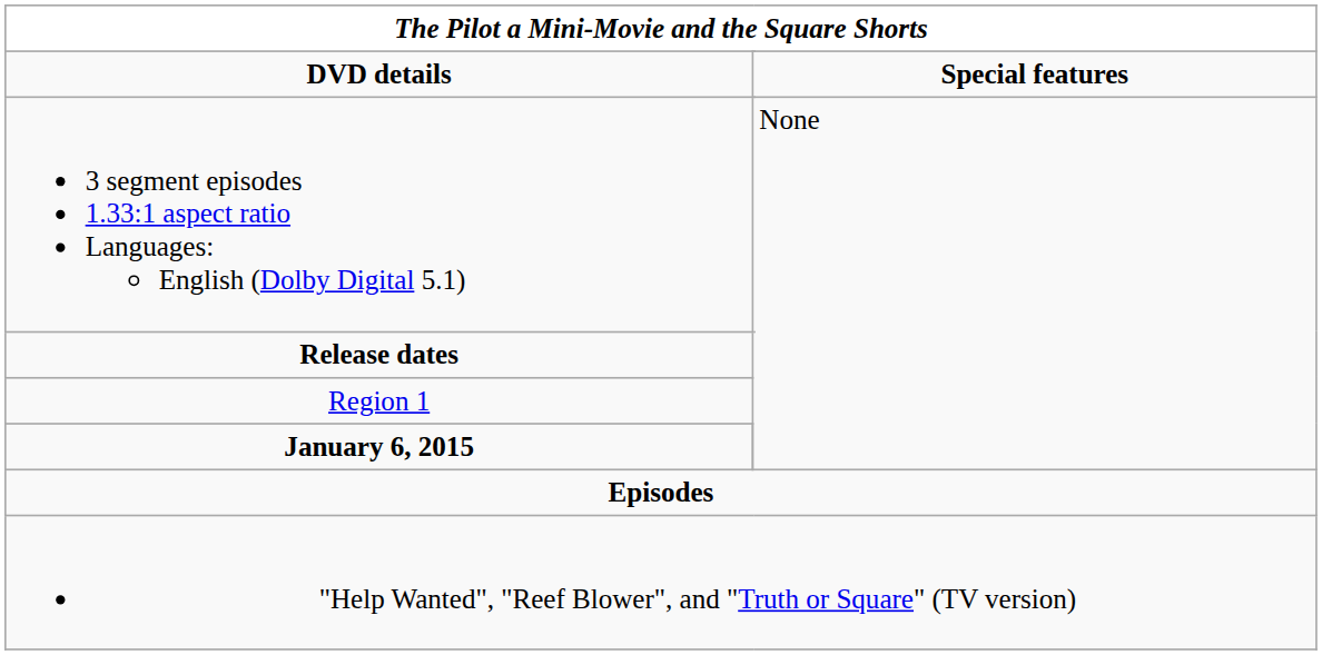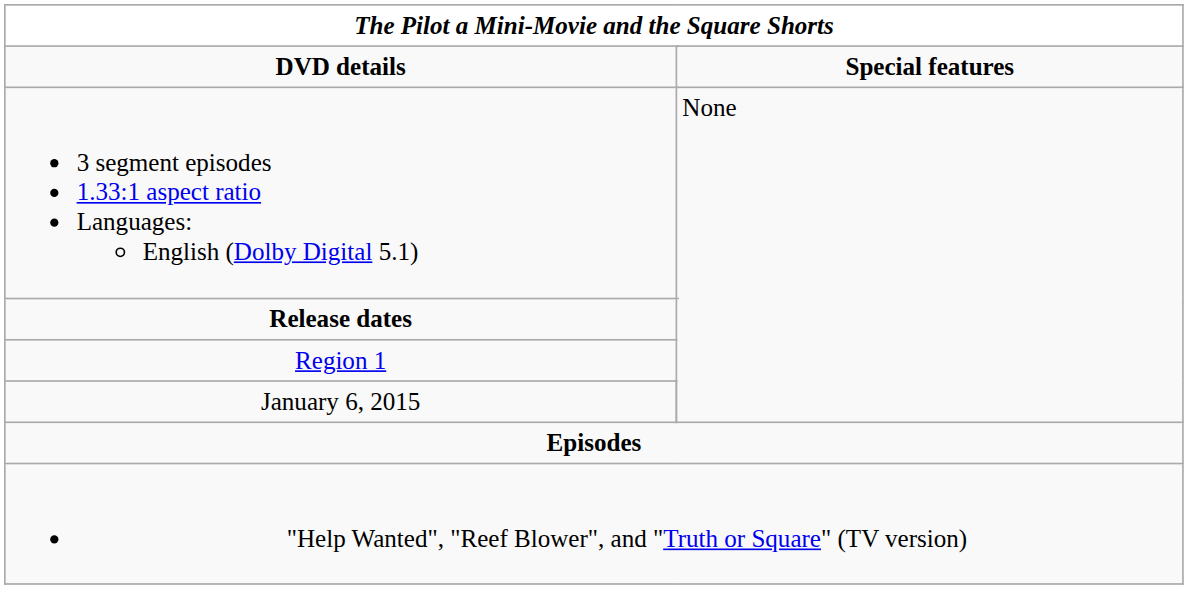 <table class="wikitable" style="font-size: 95%;">
 <tr style="background:#FFF; color:#000;">
 <td colspan="4" align="center"><strong><em>The Pilot a Mini-Movie and the Square Shorts</em></strong></td>
 </tr>
 <tr valign="top">
 <td style="text-align:center; width:400px;" colspan="3"><strong>DVD details</strong></td>
 <td style="width:300px; text-align:center;"><strong>Special features</strong></td>
 </tr>
 <tr valign="top">
 <td colspan="3" style="text-align:left; width:400px;"><br><ul><li>3 segment episodes</li><li><a href='#'>1.33:1 aspect ratio</a></li><li>Languages:<ul><li>English (<a href='#'>Dolby Digital</a> 5.1)</li></ul></li></ul></td>
 <td rowspan="4" style="text-align:left; width:300px;">None</td>
 </tr>
 <tr>
 <td colspan="3" style="text-align:center;"><strong>Release dates</strong></td>
 </tr>
 <tr>
 <td colspan="3" style="text-align:center;"><a href='#'>Region 1</a></td>
 </tr>
 <tr style="text-align:center;">
-<td><strong>January 6, 2015</strong></td>
+<td>January 6, 2015</td>
 </tr>
 <tr>
 <td style="text-align:center; width:400px;" colspan="4"><strong>Episodes</strong></td>
 </tr>
 <tr>
 <td style="text-align:center; width:400px;" colspan="4"><br><ul><li>"Help Wanted", "Reef Blower", and "<a href='#'>Truth or Square</a>" (TV version)</li></ul></td>
 </tr>
 </table>
